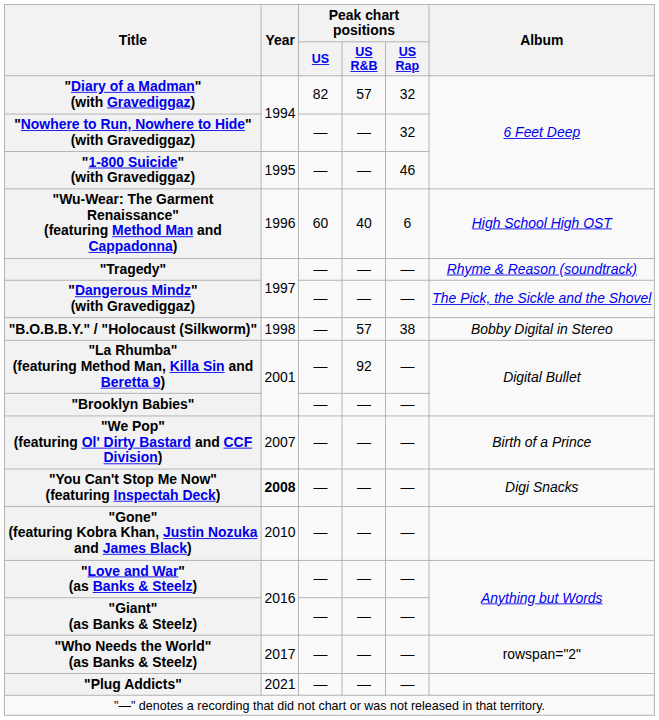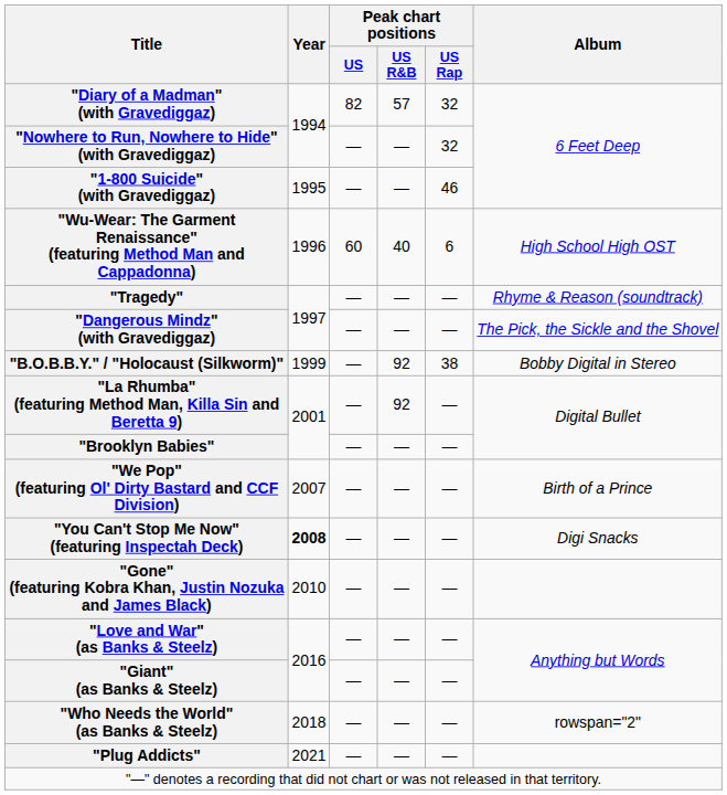 <table class="wikitable plainrowheaders" style="text-align:center;">
 <tr>
 <th scope="col" rowspan="2" style="width:18em;">Title</th>
 <th scope="col" rowspan="2">Year</th>
 <th scope="col" colspan="3">Peak chart positions</th>
 <th scope="col" rowspan="2">Album</th>
 </tr>
 <tr>
 <th scope="col" style="width:3em;font-size:90%;"><a href='#'>US</a><br></th>
 <th scope="col" style="width:3em;font-size:90%;"><a href='#'>US R&B</a><br></th>
 <th scope="col" style="width:3em;font-size:90%;"><a href='#'>US Rap</a><br></th>
 </tr>
 <tr>
 <th scope="row">"<a href='#'>Diary of a Madman</a>"<br><span>(with <a href='#'>Gravediggaz</a>)</span></th>
 <td rowspan="2">1994</td>
 <td>82</td>
 <td>57</td>
 <td>32</td>
 <td rowspan="3"><em><a href='#'>6 Feet Deep</a></em></td>
 </tr>
 <tr>
 <th scope="row">"<a href='#'>Nowhere to Run, Nowhere to Hide</a>"<br><span>(with Gravediggaz)</span></th>
 <td>—</td>
 <td>—</td>
 <td>32</td>
 </tr>
 <tr>
 <th scope="row">"<a href='#'>1-800 Suicide</a>"<br><span>(with Gravediggaz)</span></th>
 <td>1995</td>
 <td>—</td>
 <td>—</td>
 <td>46</td>
 </tr>
 <tr>
 <th scope="row">"Wu-Wear: The Garment Renaissance"<br><span>(featuring <a href='#'>Method Man</a> and <a href='#'>Cappadonna</a>)</span></th>
 <td>1996</td>
 <td>60</td>
 <td>40</td>
 <td>6</td>
 <td><em><a href='#'>High School High OST</a></em></td>
 </tr>
 <tr>
 <th>"Tragedy"</th>
 <td rowspan="2">1997</td>
 <td>—</td>
 <td>—</td>
 <td>—</td>
 <td><em><a href='#'>Rhyme & Reason (soundtrack)</a></em></td>
 </tr>
 <tr>
 <th scope="row">"<a href='#'>Dangerous Mindz</a>"<br><span>(with Gravediggaz)</span></th>
 <td>—</td>
 <td>—</td>
 <td>—</td>
 <td><em><a href='#'>The Pick, the Sickle and the Shovel</a></em></td>
 </tr>
 <tr>
 <th scope="row">"B.O.B.B.Y." / "Holocaust (Silkworm)"</th>
-<td>1998</td>
+<td>1999</td>
 <td>—</td>
-<td>57</td>
+<td>92</td>
 <td>38</td>
 <td><em>Bobby Digital in Stereo</em></td>
 </tr>
 <tr>
 <th scope="row">"La Rhumba"<br><span>(featuring Method Man, <a href='#'>Killa Sin</a> and <a href='#'>Beretta 9</a>)</span></th>
 <td rowspan="2">2001</td>
 <td>—</td>
 <td>92</td>
 <td>—</td>
 <td rowspan="2"><em>Digital Bullet</em></td>
 </tr>
 <tr>
 <th scope="row">"Brooklyn Babies"</th>
 <td>—</td>
 <td>—</td>
 <td>—</td>
 </tr>
 <tr>
 <th scope="row">"We Pop"<br><span>(featuring <a href='#'>Ol' Dirty Bastard</a> and <a href='#'>CCF Division</a>)</span></th>
 <td>2007</td>
 <td>—</td>
 <td>—</td>
 <td>—</td>
 <td><em>Birth of a Prince</em></td>
 </tr>
 <tr>
 <th scope="row">"You Can't Stop Me Now"<br><span>(featuring <a href='#'>Inspectah Deck</a>)</span></th>
 <td><strong>2008</strong></td>
 <td>—</td>
 <td>—</td>
 <td>—</td>
 <td><em>Digi Snacks</em></td>
 </tr>
 <tr>
 <th scope="row">"Gone"<br><span>(featuring Kobra Khan, <a href='#'>Justin Nozuka</a> and <a href='#'>James Black</a>)</span></th>
 <td>2010</td>
 <td>—</td>
 <td>—</td>
 <td>—</td>
 <td></td>
 </tr>
 <tr>
 <th scope="row">"<a href='#'>Love and War</a>"<br><span>(as <a href='#'>Banks & Steelz</a>)</span></th>
 <td rowspan="2">2016</td>
 <td>—</td>
 <td>—</td>
 <td>—</td>
 <td rowspan="2"><em><a href='#'>Anything but Words</a></em></td>
 </tr>
 <tr>
 <th scope="row">"Giant"<br><span>(as Banks & Steelz)</span></th>
 <td>—</td>
 <td>—</td>
 <td>—</td>
 </tr>
 <tr>
 <th scope="row">"Who Needs the World"<br><span>(as Banks & Steelz)</span></th>
-<td>2017</td>
+<td>2018</td>
 <td>—</td>
 <td>—</td>
 <td>—</td>
 <td>rowspan="2" </td>
 </tr>
 <tr>
 <th scope="row">"Plug Addicts"<br></th>
 <td>2021</td>
 <td>—</td>
 <td>—</td>
 <td>—</td>
 </tr>
 <tr>
 <td colspan="13" style="font-size:90%">"—" denotes a recording that did not chart or was not released in that territory.</td>
 </tr>
 </table>
